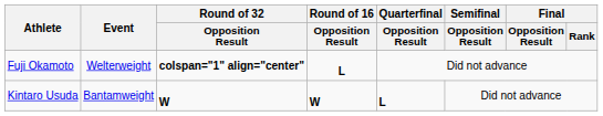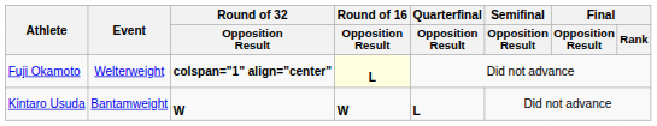 <table class="wikitable" style="font-size:90%;">
 <tr>
 <th rowspan=2>Athlete</th>
 <th rowspan=2>Event</th>
 <th>Round of 32</th>
 <th>Round of 16</th>
 <th>Quarterfinal</th>
 <th>Semifinal</th>
 <th colspan=2>Final</th>
 </tr>
 <tr style="font-size: 95%">
 <th>Opposition<br>Result</th>
 <th>Opposition<br>Result</th>
 <th>Opposition<br>Result</th>
 <th>Opposition<br>Result</th>
 <th>Opposition<br>Result</th>
 <th>Rank</th>
 </tr>
 <tr align=center>
 <td align=left><a href='#'>Fuji Okamoto</a></td>
 <td align=center><a href='#'>Welterweight</a></td>
 <td><strong>colspan="1"  align="center" </strong></td>
-<td> <br> <strong>L</strong></td>
+<td style="background: lightyellow;"> <br> <strong>L</strong></td>
 <td colspan=6 align=center>Did not advance</td>
 </tr>
 <tr>
 <td align=left><a href='#'>Kintaro Usuda</a></td>
 <td align=left><a href='#'>Bantamweight</a></td>
 <td> <br> <strong>W</strong></td>
 <td> <br> <strong>W</strong></td>
 <td> <br> <strong>L</strong></td>
 <td colspan=4 align=center>Did not advance</td>
 </tr>
 </table>
